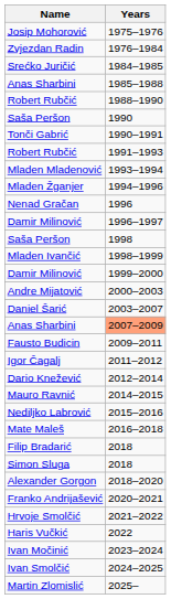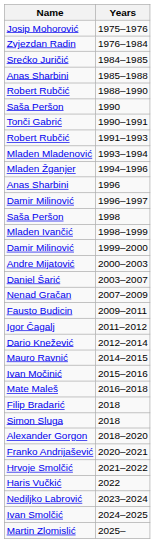 <table class="wikitable" style="font-size: 90%; text-align: left;">
 <tr>
 <th>Name</th>
 <th>Years</th>
 </tr>
 <tr>
 <td> <a href='#'>Josip Mohorović</a></td>
 <td>1975–1976</td>
 </tr>
 <tr>
 <td> <a href='#'>Zvjezdan Radin</a></td>
 <td>1976–1984</td>
 </tr>
 <tr>
 <td> <a href='#'>Srećko Juričić</a></td>
 <td>1984–1985</td>
 </tr>
 <tr>
 <td> <a href='#'>Anas Sharbini</a></td>
 <td>1985–1988</td>
 </tr>
 <tr>
 <td> <a href='#'>Robert Rubčić</a></td>
 <td>1988–1990</td>
 </tr>
 <tr>
 <td> <a href='#'>Saša Peršon</a></td>
 <td>1990</td>
 </tr>
 <tr>
 <td> <a href='#'>Tonči Gabrić</a></td>
 <td>1990–1991</td>
 </tr>
 <tr>
 <td> <a href='#'>Robert Rubčić</a></td>
 <td>1991–1993</td>
 </tr>
 <tr>
 <td> <a href='#'>Mladen Mladenović</a></td>
 <td>1993–1994</td>
 </tr>
 <tr>
 <td> <a href='#'>Mladen Žganjer</a></td>
 <td>1994–1996</td>
 </tr>
 <tr>
-<td> <a href='#'>Nenad Gračan</a></td>
+<td> <a href='#'>Anas Sharbini</a></td>
 <td>1996</td>
 </tr>
 <tr>
 <td> <a href='#'>Damir Milinović</a></td>
 <td>1996–1997</td>
 </tr>
 <tr>
 <td> <a href='#'>Saša Peršon</a></td>
 <td>1998</td>
 </tr>
 <tr>
 <td> <a href='#'>Mladen Ivančić</a></td>
 <td>1998–1999</td>
 </tr>
 <tr>
 <td> <a href='#'>Damir Milinović</a></td>
 <td>1999–2000</td>
 </tr>
 <tr>
 <td> <a href='#'>Andre Mijatović</a></td>
 <td>2000–2003</td>
 </tr>
 <tr>
 <td> <a href='#'>Daniel Šarić</a></td>
 <td>2003–2007</td>
 </tr>
 <tr>
-<td> <a href='#'>Anas Sharbini</a></td>
-<td style="background: lightsalmon;">2007–2009</td>
+<td> <a href='#'>Nenad Gračan</a></td>
+<td>2007–2009</td>
 </tr>
 <tr>
 <td> <a href='#'>Fausto Budicin</a></td>
 <td>2009–2011</td>
 </tr>
 <tr>
 <td> <a href='#'>Igor Čagalj</a></td>
 <td>2011–2012</td>
 </tr>
 <tr>
 <td> <a href='#'>Dario Knežević</a></td>
 <td>2012–2014</td>
 </tr>
 <tr>
 <td> <a href='#'>Mauro Ravnić</a></td>
 <td>2014–2015</td>
 </tr>
 <tr>
-<td> <a href='#'>Nediljko Labrović</a></td>
+<td> <a href='#'>Ivan Močinić</a></td>
 <td>2015–2016</td>
 </tr>
 <tr>
 <td> <a href='#'>Mate Maleš</a></td>
 <td>2016–2018</td>
 </tr>
 <tr>
 <td> <a href='#'>Filip Bradarić</a></td>
 <td>2018</td>
 </tr>
 <tr>
 <td> <a href='#'>Simon Sluga</a></td>
 <td>2018</td>
 </tr>
 <tr>
 <td> <a href='#'>Alexander Gorgon</a></td>
 <td>2018–2020</td>
 </tr>
 <tr>
 <td> <a href='#'>Franko Andrijašević</a></td>
 <td>2020–2021</td>
 </tr>
 <tr>
 <td> <a href='#'>Hrvoje Smolčić</a></td>
 <td>2021–2022</td>
 </tr>
 <tr>
 <td> <a href='#'>Haris Vučkić</a></td>
 <td>2022</td>
 </tr>
 <tr>
-<td> <a href='#'>Ivan Močinić</a></td>
+<td> <a href='#'>Nediljko Labrović</a></td>
 <td>2023–2024</td>
 </tr>
 <tr>
 <td> <a href='#'>Ivan Smolčić</a></td>
 <td>2024–2025</td>
 </tr>
 <tr>
 <td> <a href='#'>Martin Zlomislić</a></td>
 <td>2025–</td>
 </tr>
 </table>
